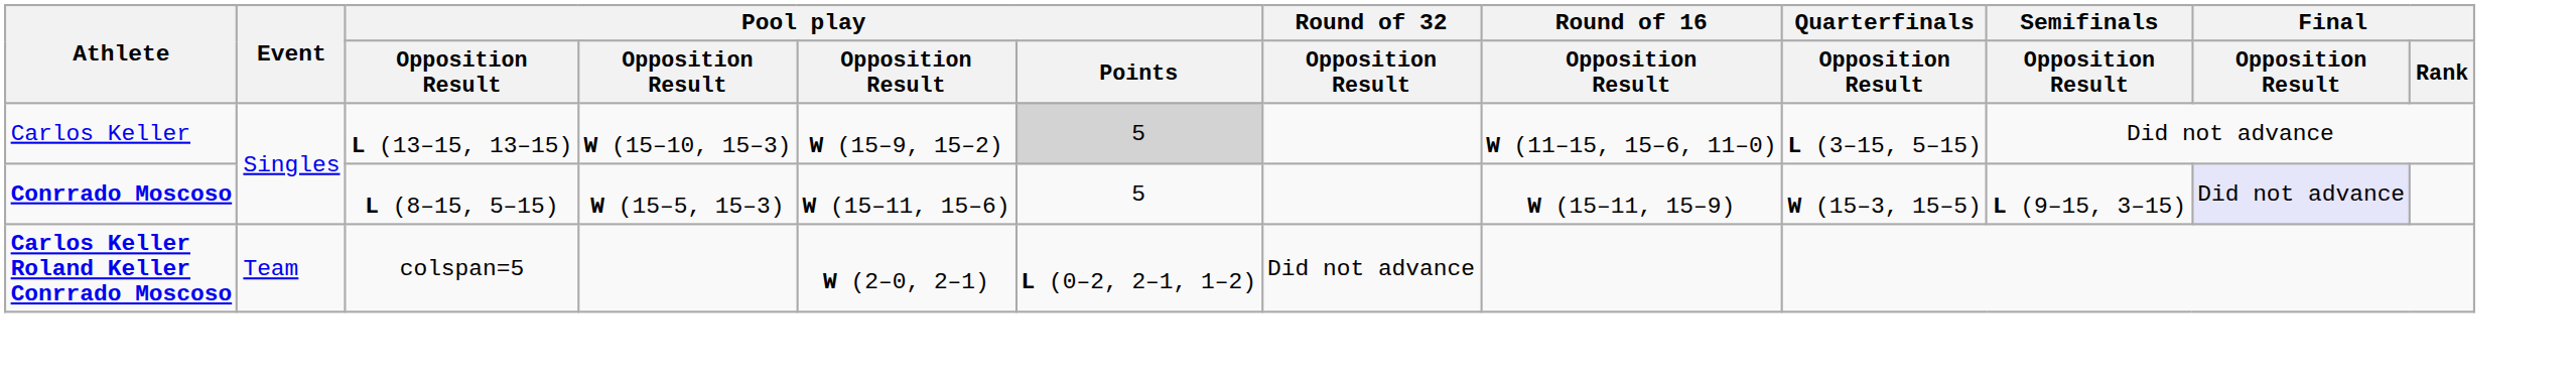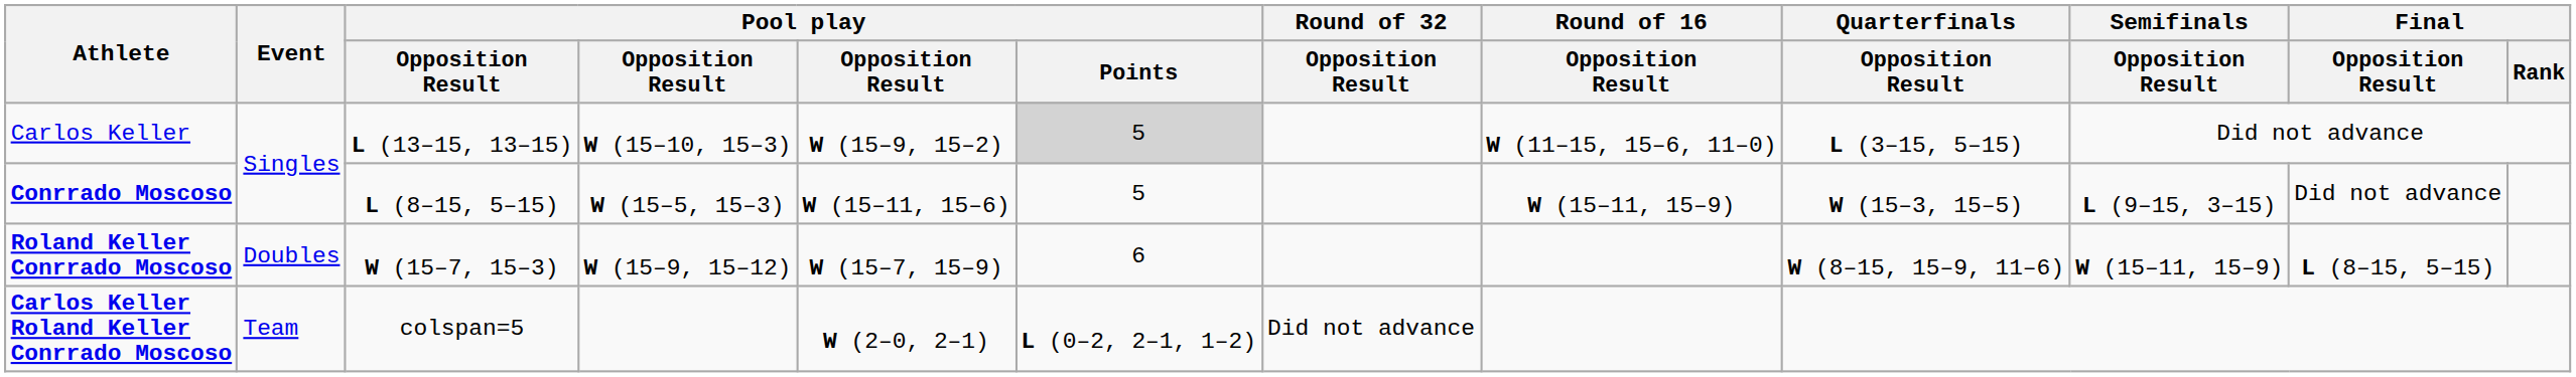 <table class=wikitable style="font-size:85%;">
 <tr>
 <th rowspan=2>Athlete</th>
 <th rowspan=2>Event</th>
 <th colspan=4>Pool play</th>
 <th>Round of 32</th>
 <th>Round of 16</th>
 <th>Quarterfinals</th>
 <th>Semifinals</th>
 <th colspan=2>Final</th>
 </tr>
 <tr style="font-size:95%">
 <th>Opposition<br>Result</th>
 <th>Opposition<br>Result</th>
 <th>Opposition<br>Result</th>
 <th>Points</th>
 <th>Opposition<br>Result</th>
 <th>Opposition<br>Result</th>
 <th>Opposition<br>Result</th>
 <th>Opposition<br>Result</th>
 <th>Opposition<br>Result</th>
 <th>Rank</th>
 </tr>
 <tr align=center>
 <td align=left><a href='#'>Carlos Keller</a></td>
 <td align=left rowspan=2><a href='#'>Singles</a></td>
 <td><br><strong>L</strong> (13–15, 13–15)</td>
 <td><br><strong>W</strong> (15–10, 15–3)</td>
 <td><br><strong>W</strong> (15–9, 15–2)</td>
 <td style="background: lightgrey;">5</td>
 <td></td>
 <td><br><strong>W</strong> (11–15, 15–6, 11–0)</td>
 <td><br><strong>L</strong> (3–15, 5–15)</td>
 <td colspan=3>Did not advance</td>
 </tr>
 <tr align=center>
 <td align=left><strong><a href='#'>Conrrado Moscoso</a></strong></td>
 <td><br><strong>L</strong> (8–15, 5–15)</td>
 <td><br><strong>W</strong> (15–5, 15–3)</td>
 <td><br><strong>W</strong> (15–11, 15–6)</td>
 <td>5</td>
 <td></td>
 <td><br><strong>W</strong> (15–11, 15–9)</td>
 <td><br><strong>W</strong> (15–3, 15–5)</td>
 <td><br><strong>L</strong> (9–15, 3–15)</td>
-<td style="background: lavender;">Did not advance</td>
+<td>Did not advance</td>
+<td></td>
+</tr>
+<tr align=center>
+<td align=left><strong><a href='#'>Roland Keller</a><br><a href='#'>Conrrado Moscoso</a></strong></td>
+<td align=left><a href='#'>Doubles</a></td>
+<td><br><strong>W</strong> (15–7, 15–3)</td>
+<td><br><strong>W</strong> (15–9, 15–12)</td>
+<td><br><strong>W</strong> (15–7, 15–9)</td>
+<td>6</td>
+<td></td>
+<td></td>
+<td><br><strong>W</strong> (8–15, 15–9, 11–6)</td>
+<td><br><strong>W</strong> (15–11, 15–9)</td>
+<td><br><strong>L</strong> (8–15, 5–15)</td>
 <td></td>
 </tr>
 <tr align=center>
 <td align=left><strong><a href='#'>Carlos Keller</a></strong><br><strong><a href='#'>Roland Keller</a></strong><br><strong><a href='#'>Conrrado Moscoso</a></strong></td>
 <td align=left><a href='#'>Team</a></td>
 <td>colspan=5 </td>
 <td></td>
 <td><br><strong>W</strong> (2–0, 2–1)</td>
 <td><br><strong>L</strong> (0–2, 2–1, 1–2)</td>
 <td>Did not advance</td>
 <td></td>
 </tr>
 </table>
